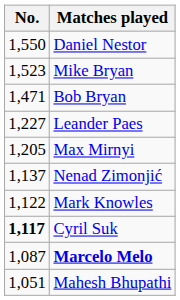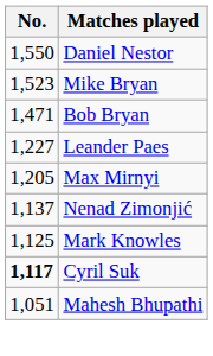 <table class="wikitable" style="display: inline-table;">
 <tr>
 <th>No.</th>
 <th>Matches played</th>
 </tr>
 <tr>
 <td>1,550</td>
 <td> <a href='#'>Daniel Nestor</a></td>
 </tr>
 <tr>
 <td>1,523</td>
 <td> <a href='#'>Mike Bryan</a></td>
 </tr>
 <tr>
 <td>1,471</td>
 <td> <a href='#'>Bob Bryan</a></td>
 </tr>
 <tr>
 <td>1,227</td>
 <td> <a href='#'>Leander Paes</a></td>
 </tr>
 <tr>
 <td>1,205</td>
 <td> <a href='#'>Max Mirnyi</a></td>
 </tr>
 <tr>
 <td>1,137</td>
 <td> <a href='#'>Nenad Zimonjić</a></td>
 </tr>
 <tr>
-<td>1,122</td>
+<td>1,125</td>
 <td> <a href='#'>Mark Knowles</a></td>
 </tr>
 <tr>
 <td><strong>1,117 </strong></td>
 <td> <a href='#'>Cyril Suk</a></td>
 </tr>
 <tr>
-<td>1,087</td>
-<td> <strong><a href='#'>Marcelo Melo</a></strong></td>
-</tr>
-<tr>
 <td>1,051</td>
 <td> <a href='#'>Mahesh Bhupathi</a></td>
 </tr>
 </table>
